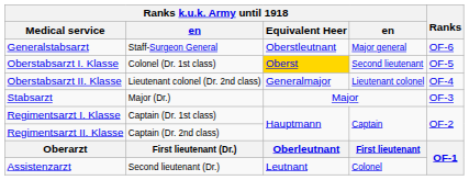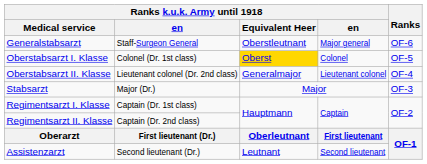 <table class="wikitable">
 <tr>
 <th colspan="4">Ranks <a href='#'>k.u.k. Army</a> until 1918</th>
 <th rowspan="2"><br>Ranks</th>
 </tr>
 <tr align="center">
 <th>Medical service</th>
 <th><a href='#'>en</a></th>
 <th>Equivalent Heer</th>
 <th>en</th>
 </tr>
 <tr>
 <td><a href='#'>Generalstabsarzt</a></td>
 <td><small>Staff-<a href='#'>Surgeon General</a></small></td>
 <td><a href='#'>Oberstleutnant</a></td>
 <td><small><a href='#'>Major general</a></small></td>
 <td><a href='#'>OF-6</a></td>
 </tr>
 <tr>
 <td><a href='#'>Oberstabsarzt I. Klasse</a></td>
 <td><small>Colonel (Dr. 1st class)</small></td>
 <td style="background: gold;"><a href='#'>Oberst</a></td>
-<td><small><a href='#'>Second lieutenant</a></small></td>
+<td><small><a href='#'>Colonel</a></small></td>
 <td><a href='#'>OF-5</a></td>
 </tr>
 <tr>
 <td><a href='#'>Oberstabsarzt II. Klasse</a></td>
 <td><small>Lieutenant colonel (Dr. 2nd class)</small></td>
 <td><a href='#'>Generalmajor</a></td>
 <td><small><a href='#'>Lieutenant colonel</a></small></td>
 <td><a href='#'>OF-4</a></td>
 </tr>
 <tr>
 <td><a href='#'>Stabsarzt</a></td>
 <td><small>Major (Dr.)</small></td>
 <td colspan="2" style="text-align:center;"><a href='#'>Major</a></td>
 <td><a href='#'>OF-3</a></td>
 </tr>
 <tr>
 <td><a href='#'>Regimentsarzt I. Klasse</a></td>
 <td><small>Captain (Dr. 1st class)</small></td>
 <td rowspan="2"><a href='#'>Hauptmann</a></td>
 <td rowspan="2"><small><a href='#'>Captain</a></small></td>
 <td rowspan="2"><a href='#'>OF-2</a></td>
 </tr>
 <tr>
 <td><a href='#'>Regimentsarzt II. Klasse</a></td>
 <td><small>Captain (Dr. 2nd class)</small></td>
 </tr>
 <tr>
 <th><span><strong>Oberarzt</strong></span></th>
 <th><small>First lieutenant (Dr.) </small></th>
 <th><a href='#'>Oberleutnant</a></th>
 <th><small><a href='#'>First lieutenant</a></small></th>
 <th rowspan="2"><a href='#'>OF-1</a></th>
 </tr>
 <tr>
 <td><a href='#'>Assistenzarzt</a></td>
 <td><small>Second lieutenant (Dr.)</small></td>
 <td><a href='#'>Leutnant</a></td>
-<td><small><a href='#'>Colonel</a></small></td>
+<td><small><a href='#'>Second lieutenant</a></small></td>
 </tr>
 </table>
